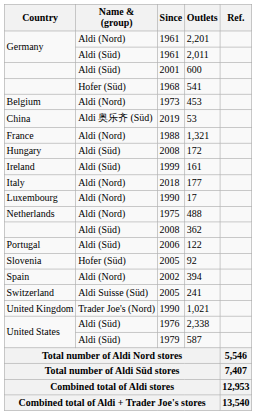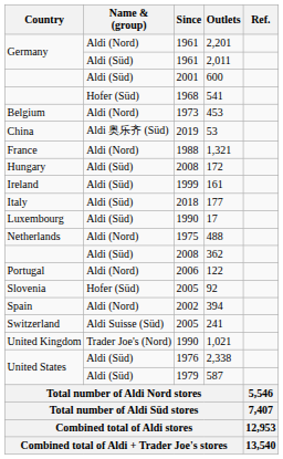 <table class="wikitable sortable">
 <tr>
 <th>Country</th>
 <th>Name &<br>(group)</th>
 <th>Since</th>
 <th data-sort-type="number">Outlets</th>
 <th>Ref.</th>
 </tr>
 <tr>
 <td rowspan="2">Germany</td>
 <td>Aldi (Nord)</td>
 <td>1961</td>
 <td>2,201</td>
 <td></td>
 </tr>
 <tr>
 <td>Aldi (Süd)</td>
 <td>1961</td>
 <td>2,011</td>
 <td></td>
 </tr>
 <tr>
 <td></td>
 <td>Aldi (Süd)</td>
 <td>2001</td>
 <td>600</td>
 <td></td>
 </tr>
 <tr>
 <td></td>
 <td>Hofer (Süd)</td>
 <td>1968</td>
 <td>541</td>
 <td></td>
 </tr>
 <tr>
 <td>Belgium</td>
 <td>Aldi (Nord)</td>
 <td>1973</td>
 <td>453</td>
 <td></td>
 </tr>
 <tr>
 <td>China</td>
 <td>Aldi 奥乐齐 (Süd)</td>
 <td>2019</td>
 <td>53</td>
 <td></td>
 </tr>
 <tr>
 <td>France</td>
 <td>Aldi (Nord)</td>
 <td>1988</td>
 <td>1,321</td>
 <td></td>
 </tr>
 <tr>
 <td>Hungary</td>
 <td>Aldi (Süd)</td>
 <td>2008</td>
 <td>172</td>
 <td></td>
 </tr>
 <tr>
 <td>Ireland</td>
 <td>Aldi (Süd)</td>
 <td>1999</td>
 <td>161</td>
 <td></td>
 </tr>
 <tr>
 <td>Italy</td>
-<td>Aldi (Nord)</td>
+<td>Aldi (Süd)</td>
 <td>2018</td>
 <td>177</td>
 <td></td>
 </tr>
 <tr>
 <td>Luxembourg</td>
-<td>Aldi (Nord)</td>
+<td>Aldi (Süd)</td>
 <td>1990</td>
 <td>17</td>
 <td></td>
 </tr>
 <tr>
 <td>Netherlands</td>
 <td>Aldi (Nord)</td>
 <td>1975</td>
 <td>488</td>
 <td></td>
 </tr>
 <tr>
 <td></td>
 <td>Aldi (Süd)</td>
 <td>2008</td>
 <td>362</td>
 <td></td>
 </tr>
 <tr>
 <td>Portugal</td>
-<td>Aldi (Süd)</td>
+<td>Aldi (Nord)</td>
 <td>2006</td>
 <td>122</td>
 <td></td>
 </tr>
 <tr>
 <td>Slovenia</td>
 <td>Hofer (Süd)</td>
 <td>2005</td>
 <td>92</td>
 <td></td>
 </tr>
 <tr>
 <td>Spain</td>
 <td>Aldi (Nord)</td>
 <td>2002</td>
 <td>394</td>
 <td></td>
 </tr>
 <tr>
 <td>Switzerland</td>
 <td>Aldi Suisse (Süd)</td>
 <td>2005</td>
 <td>241</td>
 <td></td>
 </tr>
 <tr>
 <td>United Kingdom</td>
 <td>Trader Joe's (Nord)</td>
 <td>1990</td>
 <td>1,021</td>
 <td></td>
 </tr>
 <tr>
 <td rowspan="2">United States</td>
 <td>Aldi (Süd)</td>
 <td>1976</td>
 <td>2,338</td>
 <td></td>
 </tr>
 <tr>
 <td>Aldi (Süd)</td>
 <td>1979</td>
 <td>587</td>
 <td></td>
 </tr>
 <tr>
 <th colspan="4">Total number of Aldi Nord stores</th>
 <th>5,546</th>
 </tr>
 <tr>
 <th colspan="4">Total number of Aldi Süd stores</th>
 <th>7,407</th>
 </tr>
 <tr>
 <th colspan="4">Combined total of Aldi stores</th>
 <th>12,953</th>
 </tr>
 <tr>
 <th colspan="4">Combined total of Aldi + Trader Joe's stores</th>
 <th>13,540</th>
 </tr>
 </table>
